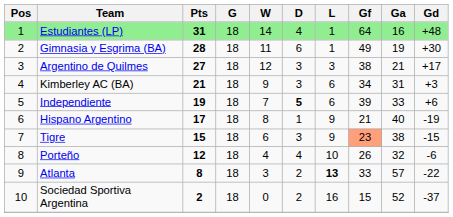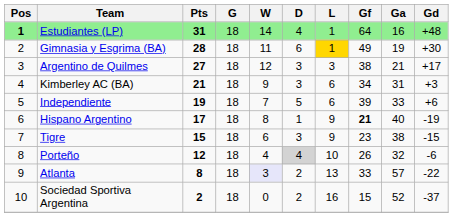 <table class="wikitable" style="text-align:center">
 <tr>
 <th width=40px>Pos</th>
 <th width=200px>Team</th>
 <th width=40px>Pts</th>
 <th width=40px>G</th>
 <th width=40px>W</th>
 <th width=40px>D</th>
 <th width=40px>L</th>
 <th width=40px>Gf</th>
 <th width=40px>Ga</th>
 <th width=40px>Gd</th>
 </tr>
 <tr align=center bgcolor="lightgreen">
-<td>1</td>
+<td><strong>1</strong></td>
 <td align=left><a href='#'>Estudiantes (LP)</a></td>
 <td><strong>31</strong></td>
 <td>18</td>
 <td>14</td>
 <td>4</td>
 <td>1</td>
 <td>64</td>
 <td>16</td>
 <td>+48</td>
 </tr>
 <tr align=center>
 <td>2</td>
 <td align=left><a href='#'>Gimnasia y Esgrima (BA)</a></td>
 <td><strong>28</strong></td>
 <td>18</td>
 <td>11</td>
 <td>6</td>
-<td>1</td>
+<td style="background: gold;">1</td>
 <td>49</td>
 <td>19</td>
 <td>+30</td>
 </tr>
 <tr align=center>
 <td>3</td>
 <td align=left><a href='#'>Argentino de Quilmes</a></td>
 <td><strong>27</strong></td>
 <td>18</td>
 <td>12</td>
 <td>3</td>
 <td>3</td>
 <td>38</td>
 <td>21</td>
 <td>+17</td>
 </tr>
 <tr align=center>
 <td>4</td>
 <td align=left>Kimberley AC (BA)</td>
 <td><strong>21</strong></td>
 <td>18</td>
 <td>9</td>
 <td>3</td>
 <td>6</td>
 <td>34</td>
 <td>31</td>
 <td>+3</td>
 </tr>
 <tr align=center>
 <td>5</td>
 <td align=left><a href='#'>Independiente</a></td>
 <td><strong>19</strong></td>
 <td>18</td>
 <td>7</td>
-<td><strong>5</strong></td>
+<td>5</td>
 <td>6</td>
 <td>39</td>
 <td>33</td>
 <td>+6</td>
 </tr>
 <tr align=center>
 <td>6</td>
 <td align=left><a href='#'>Hispano Argentino</a></td>
 <td><strong>17</strong></td>
 <td>18</td>
 <td>8</td>
 <td>1</td>
 <td>9</td>
-<td>21</td>
+<td><strong>21</strong></td>
 <td>40</td>
 <td>-19</td>
 </tr>
 <tr align=center>
 <td>7</td>
 <td align=left><a href='#'>Tigre</a></td>
 <td><strong>15</strong></td>
 <td>18</td>
 <td>6</td>
 <td>3</td>
 <td>9</td>
-<td style="background: lightsalmon;">23</td>
+<td>23</td>
 <td>38</td>
 <td>-15</td>
 </tr>
 <tr align=center>
 <td>8</td>
 <td align=left><a href='#'>Porteño</a></td>
 <td><strong>12</strong></td>
 <td>18</td>
 <td>4</td>
-<td>4</td>
+<td style="background: lightgrey;">4</td>
 <td>10</td>
 <td>26</td>
 <td>32</td>
 <td>-6</td>
 </tr>
 <tr align=center>
 <td>9</td>
 <td align=left><a href='#'>Atlanta</a></td>
 <td><strong>8</strong></td>
 <td>18</td>
-<td>3</td>
+<td style="background: lavender;">3</td>
 <td>2</td>
-<td><strong>13</strong></td>
+<td>13</td>
 <td>33</td>
 <td>57</td>
 <td>-22</td>
 </tr>
 <tr align=center>
 <td>10</td>
 <td align=left>Sociedad Sportiva Argentina</td>
 <td><strong>2</strong></td>
 <td>18</td>
 <td>0</td>
 <td>2</td>
 <td>16</td>
 <td>15</td>
 <td>52</td>
 <td>-37</td>
 </tr>
 <tr>
 </tr>
 </table>
